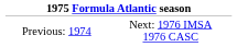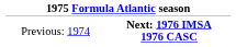 <table style="margin: 0 0 1em 1em; float:right; text-align:center; width: 20em;" class="toccolours">
 <tr>
 <td colspan="2" style="padding:0 1em;border-bottom:1px #aaa solid;"><strong>1975 <a href='#'>Formula Atlantic</a> season</strong></td>
 </tr>
 <tr>
 <td>Previous: <a href='#'>1974</a></td>
-<td>Next: <a href='#'>1976 IMSA</a><br><a href='#'>1976 CASC</a></td>
+<td><strong>Next: <a href='#'>1976 IMSA</a><br><a href='#'>1976 CASC</a></strong></td>
 </tr>
 </table>
